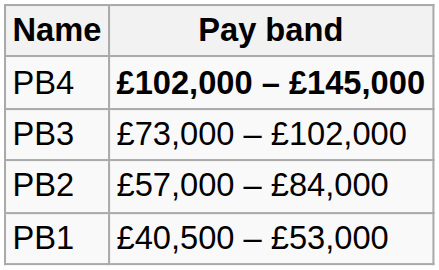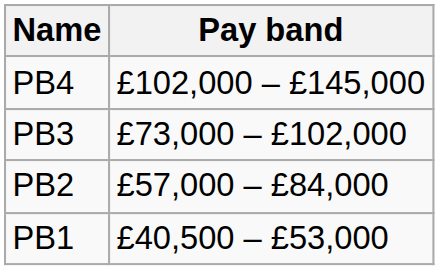 <table class="wikitable">
 <tr>
 <th>Name</th>
 <th>Pay band</th>
 </tr>
 <tr>
 <td>PB4</td>
-<td><strong>£102,000 – £145,000</strong></td>
+<td>£102,000 – £145,000</td>
 </tr>
 <tr>
 <td>PB3</td>
 <td>£73,000 – £102,000</td>
 </tr>
 <tr>
 <td>PB2</td>
 <td>£57,000 – £84,000</td>
 </tr>
 <tr>
 <td>PB1</td>
 <td>£40,500 – £53,000</td>
 </tr>
 </table>
